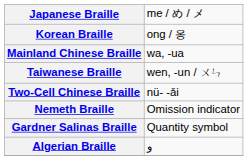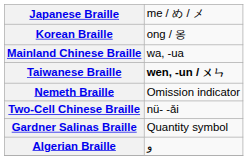 <table class="wikitable">
 <tr>
 <th align=left><a href='#'>Japanese Braille</a></th>
 <td>me / め / メ </td>
 </tr>
 <tr>
 <th align=left><a href='#'>Korean Braille</a></th>
 <td>ong / 옹 </td>
 </tr>
 <tr>
 <th align=left><a href='#'>Mainland Chinese Braille</a></th>
 <td>wa, -ua </td>
 </tr>
 <tr>
 <th align=left><a href='#'>Taiwanese Braille</a></th>
-<td>wen, -un / ㄨㄣ</td>
+<td><strong>wen, -un / ㄨㄣ</strong></td>
+</tr>
+<tr>
+<th align=left><a href='#'>Nemeth Braille</a></th>
+<td>Omission indicator </td>
 </tr>
 <tr>
 <th align=left><a href='#'>Two-Cell Chinese Braille</a></th>
 <td>nü- -ǎi</td>
-</tr>
-<tr>
-<th align=left><a href='#'>Nemeth Braille</a></th>
-<td>Omission indicator </td>
 </tr>
 <tr>
 <th align=left><a href='#'>Gardner Salinas Braille</a></th>
 <td>Quantity symbol </td>
 </tr>
 <tr>
 <th align=left><a href='#'>Algerian Braille</a></th>
 <td>و ‎</td>
 </tr>
 <tr>
 </tr>
 </table>
